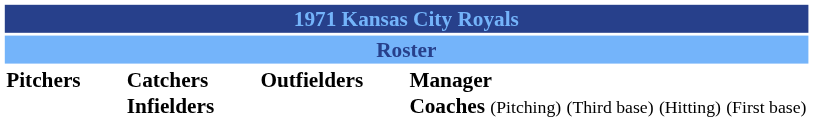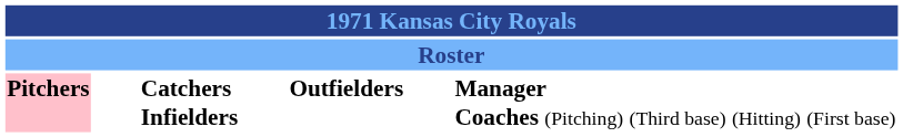 <table class="toccolours" style="font-size: 95%;">
 <tr>
 <th colspan="10" style="background-color: #27408B; color: #74B4FA; text-align: center;">1971 Kansas City Royals</th>
 </tr>
 <tr>
 <td colspan="10" style="background-color: #74B4FA; color: #27408B; text-align: center;"><strong>Roster</strong></td>
 </tr>
 <tr>
-<td valign="top"><strong>Pitchers</strong><br>               </td>
+<td valign="top" style="background: pink;"><strong>Pitchers</strong><br>               </td>
 <td width="25px"></td>
 <td valign="top"><strong>Catchers</strong><br>   <strong>Infielders</strong>         </td>
 <td width="25px"></td>
 <td valign="top"><strong>Outfielders</strong><br>      </td>
 <td width="25px"></td>
 <td valign="top"><strong>Manager</strong><br> <strong>Coaches</strong>  <small>(Pitching)</small>  <small>(Third base)</small>  <small>(Hitting)</small>  <small>(First base)</small></td>
 </tr>
 <tr>
 </tr>
 </table>
